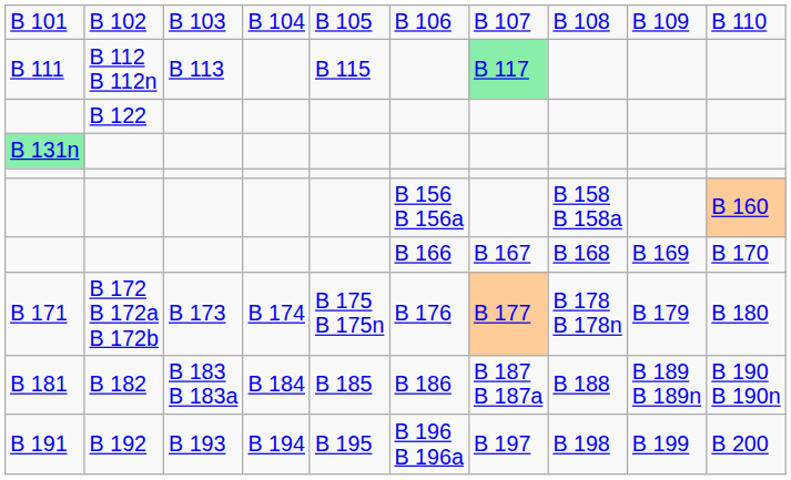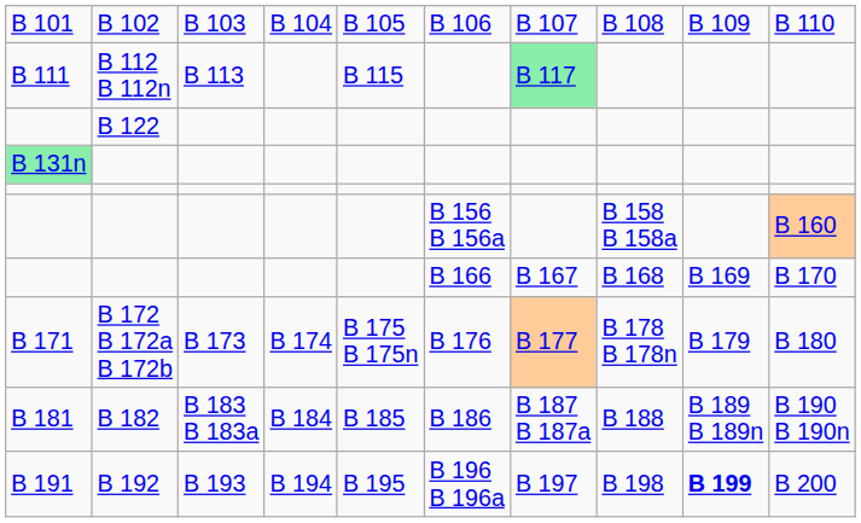 <table class="wikitable">
 <tr>
 <td><a href='#'>B 101</a></td>
 <td><a href='#'>B 102</a></td>
 <td><a href='#'>B 103</a></td>
 <td><a href='#'>B 104</a></td>
 <td><a href='#'>B 105</a></td>
 <td><a href='#'>B 106</a></td>
 <td><a href='#'>B 107</a></td>
 <td><a href='#'>B 108</a></td>
 <td><a href='#'>B 109</a></td>
 <td><a href='#'>B 110</a></td>
 </tr>
 <tr>
 <td><a href='#'>B 111</a></td>
 <td><a href='#'>B 112</a><br><span><a href='#'>B 112n</a></span></td>
 <td><a href='#'>B 113</a></td>
 <td></td>
 <td><a href='#'>B 115</a></td>
 <td></td>
 <td style="background: #88EEAA;"><a href='#'>B 117</a></td>
 <td></td>
 <td></td>
 <td></td>
 </tr>
 <tr>
 <td></td>
 <td><a href='#'>B 122</a></td>
 <td></td>
 <td></td>
 <td></td>
 <td></td>
 <td></td>
 <td></td>
 <td></td>
 <td></td>
 </tr>
 <tr>
 <td style="background: #88EEAA;"><a href='#'>B 131n</a></td>
 <td></td>
 <td></td>
 <td></td>
 <td></td>
 <td></td>
 <td></td>
 <td></td>
 <td></td>
 <td></td>
 </tr>
 <tr>
 <td></td>
 <td></td>
 <td></td>
 <td></td>
 <td></td>
 <td></td>
 <td></td>
 <td></td>
 <td></td>
 <td></td>
 </tr>
 <tr>
 <td></td>
 <td></td>
 <td></td>
 <td></td>
 <td></td>
 <td><a href='#'>B 156</a><br><span><a href='#'>B 156a</a></span></td>
 <td></td>
 <td><a href='#'>B 158</a><br><span><a href='#'>B 158a</a></span></td>
 <td></td>
 <td style="background: #FFCC99;"><a href='#'>B 160</a></td>
 </tr>
 <tr>
 <td></td>
 <td></td>
 <td></td>
 <td></td>
 <td></td>
 <td><a href='#'>B 166</a></td>
 <td><a href='#'>B 167</a></td>
 <td><a href='#'>B 168</a></td>
 <td><a href='#'>B 169</a></td>
 <td><a href='#'>B 170</a></td>
 </tr>
 <tr>
 <td><a href='#'>B 171</a></td>
 <td><a href='#'>B 172</a><br><span><a href='#'>B 172a</a></span><br><span><a href='#'>B 172b</a></span></td>
 <td><a href='#'>B 173</a></td>
 <td><a href='#'>B 174</a></td>
 <td><a href='#'>B 175</a><br> <a href='#'>B 175n</a></td>
 <td><a href='#'>B 176</a></td>
 <td style="background: #FFCC99;"><a href='#'>B 177</a></td>
 <td><a href='#'>B 178</a><br><span><a href='#'>B 178n</a></span></td>
 <td><a href='#'>B 179</a></td>
 <td><a href='#'>B 180</a></td>
 </tr>
 <tr>
 <td><a href='#'>B 181</a></td>
 <td><a href='#'>B 182</a></td>
 <td><a href='#'>B 183</a><br><a href='#'>B 183a</a></td>
 <td><a href='#'>B 184</a></td>
 <td><a href='#'>B 185</a></td>
 <td><a href='#'>B 186</a></td>
 <td><a href='#'>B 187</a><br><a href='#'>B 187a</a></td>
 <td><a href='#'>B 188</a></td>
 <td><a href='#'>B 189</a><br><a href='#'>B 189n</a></td>
 <td><a href='#'>B 190</a><br><span><a href='#'>B 190n</a></span></td>
 </tr>
 <tr>
 <td><a href='#'>B 191</a></td>
 <td><a href='#'>B 192</a></td>
 <td><a href='#'>B 193</a></td>
 <td><a href='#'>B 194</a></td>
 <td><a href='#'>B 195</a></td>
 <td><a href='#'>B 196</a><br><span><a href='#'>B 196a</a></span></td>
 <td><a href='#'>B 197</a></td>
 <td><a href='#'>B 198</a></td>
-<td><a href='#'>B 199</a></td>
+<td><strong><a href='#'>B 199</a></strong></td>
 <td><a href='#'>B 200</a></td>
 </tr>
 </table>
